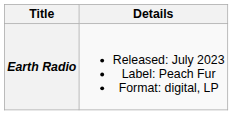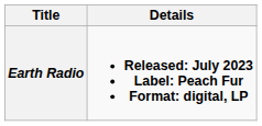 <table class="wikitable plainrowheaders" style="text-align:center;" border="1">
 <tr>
 <th>Title</th>
 <th>Details</th>
 </tr>
 <tr>
 <th scope="row"><em>Earth Radio</em></th>
-<td><br><ul><li>Released: July 2023</li><li>Label: Peach Fur</li><li>Format: digital, LP</li></ul></td>
+<td><strong><br><ul><li>Released: July 2023</li><li>Label: Peach Fur</li><li>Format: digital, LP</li></ul></strong></td>
 </tr>
 </table>
